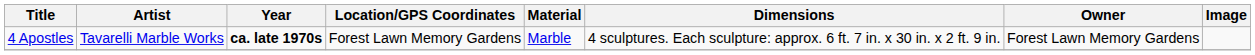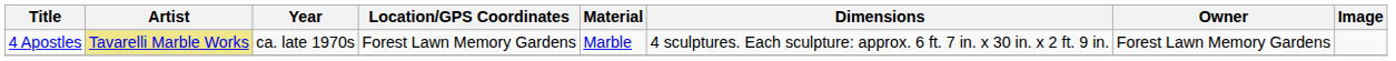 <table class="wikitable sortable">
 <tr>
 <th>Title</th>
 <th>Artist</th>
 <th>Year</th>
 <th>Location/GPS Coordinates</th>
 <th>Material</th>
 <th>Dimensions</th>
 <th>Owner</th>
 <th>Image</th>
 </tr>
 <tr>
 <td><a href='#'>4 Apostles</a></td>
-<td><a href='#'>Tavarelli Marble Works</a></td>
-<td><strong>ca. late 1970s</strong></td>
+<td style="background: khaki;"><a href='#'>Tavarelli Marble Works</a></td>
+<td>ca. late 1970s</td>
 <td>Forest Lawn Memory Gardens</td>
 <td><a href='#'>Marble</a></td>
 <td>4 sculptures. Each sculpture: approx. 6 ft. 7 in. x 30 in. x 2 ft. 9 in.</td>
 <td>Forest Lawn Memory Gardens</td>
 <td></td>
 </tr>
 <tr>
 </tr>
 </table>
